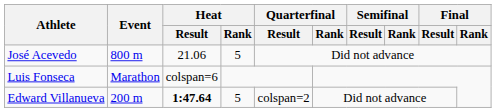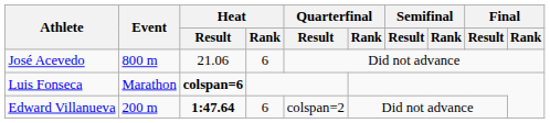 <table class=wikitable style="font-size:90%">
 <tr>
 <th rowspan="2">Athlete</th>
 <th rowspan="2">Event</th>
 <th colspan="2">Heat</th>
 <th colspan="2">Quarterfinal</th>
 <th colspan="2">Semifinal</th>
 <th colspan="2">Final</th>
 </tr>
 <tr style="font-size:95%">
 <th>Result</th>
 <th>Rank</th>
 <th>Result</th>
 <th>Rank</th>
 <th>Result</th>
 <th>Rank</th>
 <th>Result</th>
 <th>Rank</th>
 </tr>
 <tr align=center>
 <td align=left><a href='#'>José Acevedo</a></td>
 <td align=left><a href='#'>800 m</a></td>
 <td>21.06</td>
-<td>5</td>
+<td>6</td>
 <td colspan=6>Did not advance</td>
 </tr>
 <tr align=center>
 <td align=left><a href='#'>Luis Fonseca</a></td>
 <td align=left><a href='#'>Marathon</a></td>
-<td>colspan=6 </td>
+<td><strong>colspan=6 </strong></td>
 <td colspan=2></td>
 </tr>
 <tr align=center>
 <td align=left><a href='#'>Edward Villanueva</a></td>
 <td align=left><a href='#'>200 m</a></td>
 <td><strong>1:47.64</strong></td>
-<td>5</td>
+<td>6</td>
 <td>colspan=2 </td>
 <td colspan=4>Did not advance</td>
 </tr>
 </table>
